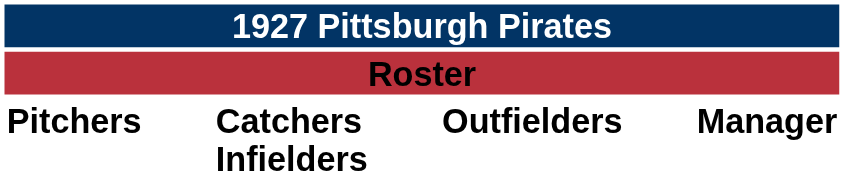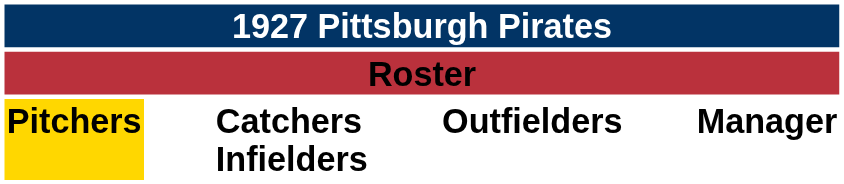 <table class="toccolours" style="font-size: 95%;">
 <tr>
 <th colspan="10" style="background-color: #023465; color: white; text-align: center;">1927 Pittsburgh Pirates</th>
 </tr>
 <tr>
 <td colspan="10" style="background-color: #ba313c; color: black; text-align: center;"><strong>Roster</strong></td>
 </tr>
 <tr>
-<td valign="top"><strong>Pitchers</strong><br>             </td>
+<td valign="top" style="background: gold;"><strong>Pitchers</strong><br>             </td>
 <td width="25px"></td>
 <td valign="top"><strong>Catchers</strong><br>   <strong>Infielders</strong>         </td>
 <td width="25px"></td>
 <td valign="top"><strong>Outfielders</strong><br>      </td>
 <td width="25px"></td>
 <td valign="top"><strong>Manager</strong><br></td>
 </tr>
 </table>
